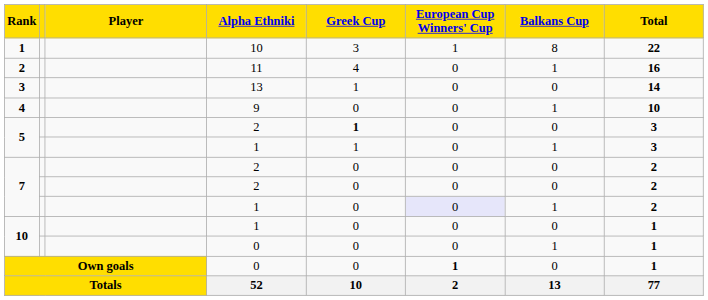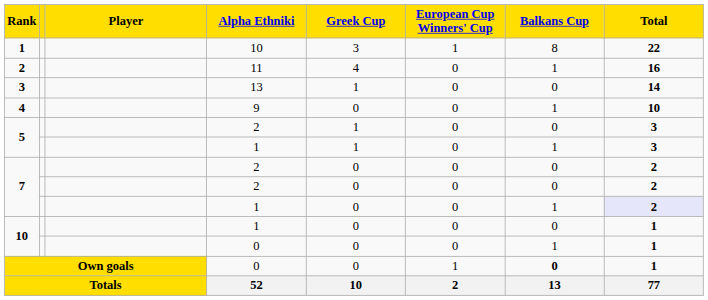 <table class="wikitable sortable" style="text-align: center">
 <tr>
 <th style="background:#FFDE00">Rank</th>
 <th style="background:#FFDE00"></th>
 <th width=200 style="background:#FFDE00">Player</th>
 <th width=120 style="background:#FFDE00"><a href='#'>Alpha Ethniki</a></th>
 <th width=120 style="background:#FFDE00"><a href='#'>Greek Cup</a></th>
 <th width=120 style="background:#FFDE00"><a href='#'>European Cup Winners' Cup</a></th>
 <th width=120 style="background:#FFDE00"><a href='#'>Balkans Cup</a></th>
 <th width=120 style="background:#FFDE00">Total</th>
 </tr>
 <tr>
 <td><strong>1</strong></td>
 <td></td>
 <td align=left></td>
 <td>10</td>
 <td>3</td>
 <td>1</td>
 <td>8</td>
 <td><strong>22</strong></td>
 </tr>
 <tr>
 <td><strong>2</strong></td>
 <td></td>
 <td align=left></td>
 <td>11</td>
 <td>4</td>
 <td>0</td>
 <td>1</td>
 <td><strong>16</strong></td>
 </tr>
 <tr>
 <td><strong>3</strong></td>
 <td></td>
 <td align=left></td>
 <td>13</td>
 <td>1</td>
 <td>0</td>
 <td>0</td>
 <td><strong>14</strong></td>
 </tr>
 <tr>
 <td><strong>4</strong></td>
 <td></td>
 <td align=left></td>
 <td>9</td>
 <td>0</td>
 <td>0</td>
 <td>1</td>
 <td><strong>10</strong></td>
 </tr>
 <tr>
 <td rowspan=2><strong>5</strong></td>
 <td></td>
 <td align=left></td>
 <td>2</td>
-<td><strong>1</strong></td>
+<td>1</td>
 <td>0</td>
 <td>0</td>
 <td><strong>3</strong></td>
 </tr>
 <tr>
 <td></td>
 <td align=left></td>
 <td>1</td>
 <td>1</td>
 <td>0</td>
 <td>1</td>
 <td><strong>3</strong></td>
 </tr>
 <tr>
 <td rowspan=3><strong>7</strong></td>
 <td></td>
 <td align=left></td>
 <td>2</td>
 <td>0</td>
 <td>0</td>
 <td>0</td>
 <td><strong>2</strong></td>
 </tr>
 <tr>
 <td></td>
 <td align=left></td>
 <td>2</td>
 <td>0</td>
 <td>0</td>
 <td>0</td>
 <td><strong>2</strong></td>
 </tr>
 <tr>
 <td></td>
 <td align=left></td>
 <td>1</td>
 <td>0</td>
-<td style="background: lavender;">0</td>
+<td>0</td>
 <td>1</td>
-<td><strong>2</strong></td>
+<td style="background: lavender;"><strong>2</strong></td>
 </tr>
 <tr>
 <td rowspan=2><strong>10</strong></td>
 <td></td>
 <td align=left></td>
 <td>1</td>
 <td>0</td>
 <td>0</td>
 <td>0</td>
 <td><strong>1</strong></td>
 </tr>
 <tr>
 <td></td>
 <td align=left></td>
 <td>0</td>
 <td>0</td>
 <td>0</td>
 <td>1</td>
 <td><strong>1</strong></td>
 </tr>
 <tr class="sortbottom">
 <td colspan=3 style="background:#FFDE00"><strong>Own goals</strong></td>
 <td>0</td>
 <td>0</td>
-<td><strong>1</strong></td>
-<td>0</td>
+<td>1</td>
+<td><strong>0</strong></td>
 <td><strong>1</strong></td>
 </tr>
 <tr class="sortbottom">
 <th colspan=3 style="background:#FFDE00"><strong>Totals</strong></th>
 <th><strong>52</strong></th>
 <th><strong>10</strong></th>
 <th><strong> 2</strong></th>
 <th><strong>13</strong></th>
 <th><strong>77</strong></th>
 </tr>
 </table>
